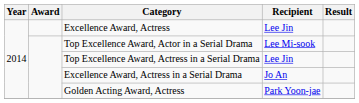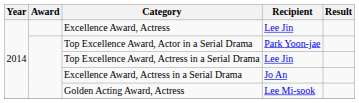 <table class="wikitable">
 <tr>
 <th>Year</th>
 <th>Award</th>
 <th>Category</th>
 <th>Recipient</th>
 <th>Result</th>
 </tr>
 <tr>
 <td rowspan=5>2014</td>
 <td></td>
 <td>Excellence Award, Actress</td>
 <td><a href='#'>Lee Jin</a></td>
 <td></td>
 </tr>
 <tr>
 <td rowspan=4></td>
 <td>Top Excellence Award, Actor in a Serial Drama</td>
-<td><a href='#'>Lee Mi-sook</a></td>
+<td><a href='#'>Park Yoon-jae</a></td>
 <td></td>
 </tr>
 <tr>
 <td>Top Excellence Award, Actress in a Serial Drama</td>
 <td><a href='#'>Lee Jin</a></td>
 <td></td>
 </tr>
 <tr>
 <td>Excellence Award, Actress in a Serial Drama</td>
 <td><a href='#'>Jo An</a></td>
 <td></td>
 </tr>
 <tr>
 <td>Golden Acting Award, Actress</td>
-<td><a href='#'>Park Yoon-jae</a></td>
+<td><a href='#'>Lee Mi-sook</a></td>
 <td></td>
 </tr>
 <tr>
 </tr>
 </table>
